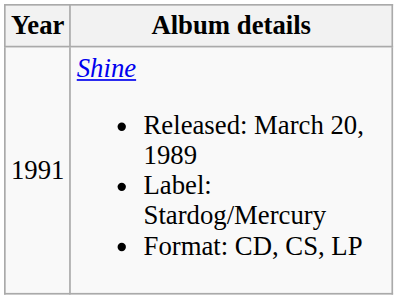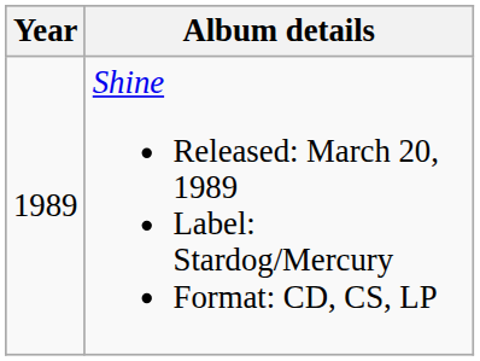 <table class="wikitable">
 <tr>
 <th>Year</th>
 <th width="185">Album details</th>
 </tr>
 <tr>
-<td>1991</td>
+<td>1989</td>
 <td><em><a href='#'>Shine</a></em><br><ul><li>Released: March 20, 1989</li><li>Label: Stardog/Mercury</li><li>Format: CD, CS, LP</li></ul></td>
 </tr>
 </table>
